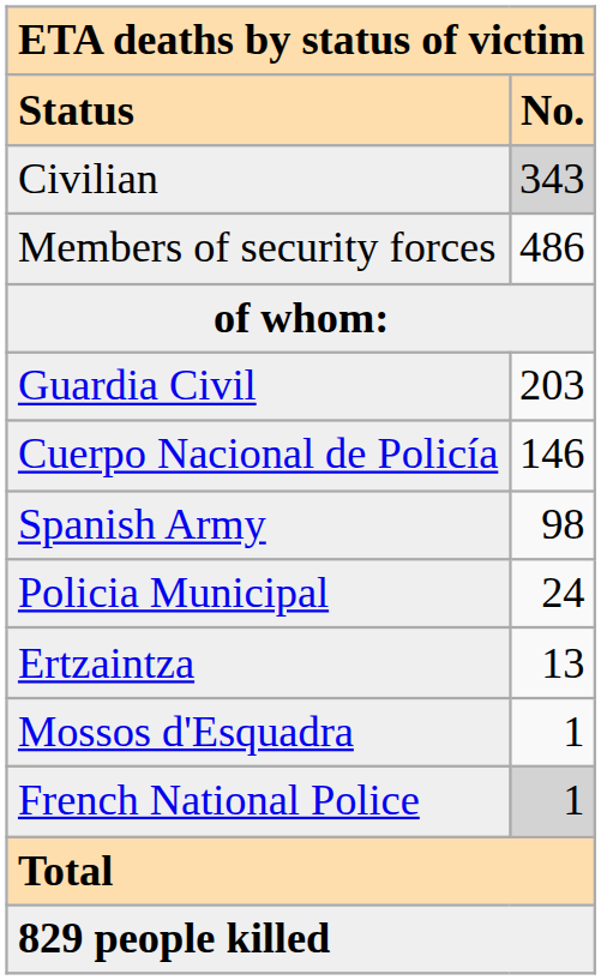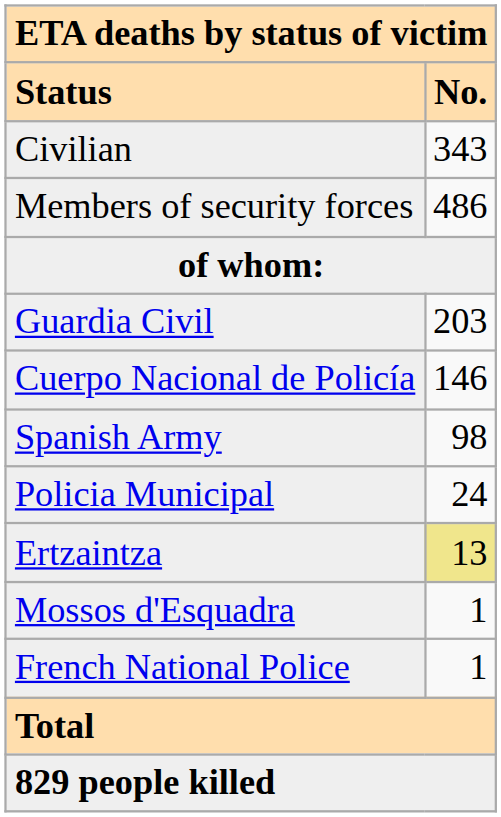 <table class="floatright wikitable" border="1" style="float:right; width:260px style="margin-left:10px; margin-bottom:10px">
 <tr>
 <th colspan="2"  style="background:#ffdead; text-align:center;">ETA deaths by status of victim</th>
 </tr>
 <tr>
 <th style="background:#ffdead; text-align:left;">Status</th>
 <th style="background:#ffdead; text-align:right;">No.</th>
 </tr>
 <tr>
 <td style="background:#efefef; text-align:left;">Civilian</td>
-<td style="background: lightgrey; text-align:right;">343</td>
+<td style="text-align:right;">343</td>
 </tr>
 <tr>
 <td style="background:#efefef; text-align:left;">Members of security forces</td>
 <td style="text-align:right;">486</td>
 </tr>
 <tr>
 <th colspan="2"  style="background:#efefef; text-align:center;">of whom:</th>
 </tr>
 <tr>
 <td style="background:#efefef; text-align:left;"><a href='#'>Guardia Civil</a></td>
 <td style="text-align:right;">203</td>
 </tr>
 <tr>
 <td style="background:#efefef; text-align:left;"><a href='#'>Cuerpo Nacional de Policía</a></td>
 <td style="text-align:right;">146</td>
 </tr>
 <tr>
 <td style="background:#efefef; text-align:left;"><a href='#'>Spanish Army</a></td>
 <td style="text-align:right;">98</td>
 </tr>
 <tr>
 <td style="background:#efefef; text-align:left;"><a href='#'>Policia Municipal</a></td>
 <td style="text-align:right;">24</td>
 </tr>
 <tr>
 <td style="background:#efefef; text-align:left;"><a href='#'>Ertzaintza</a></td>
-<td style="text-align:right;">13</td>
+<td style="background: khaki; text-align:right;">13</td>
 </tr>
 <tr>
 <td style="background:#efefef; text-align:left;"><a href='#'>Mossos d'Esquadra</a></td>
 <td style="text-align:right;">1</td>
 </tr>
 <tr>
 <td style="background:#efefef; text-align:left;"><a href='#'>French National Police</a></td>
-<td style="background: lightgrey; text-align:right;">1</td>
+<td style="text-align:right;">1</td>
 </tr>
 <tr>
 <th colspan="3"  style="background:#ffdead; text-align:left;">Total</th>
 </tr>
 <tr>
 <th colspan="4"  style="background:#efefef; text-align:left;">829 people killed</th>
 </tr>
 </table>
